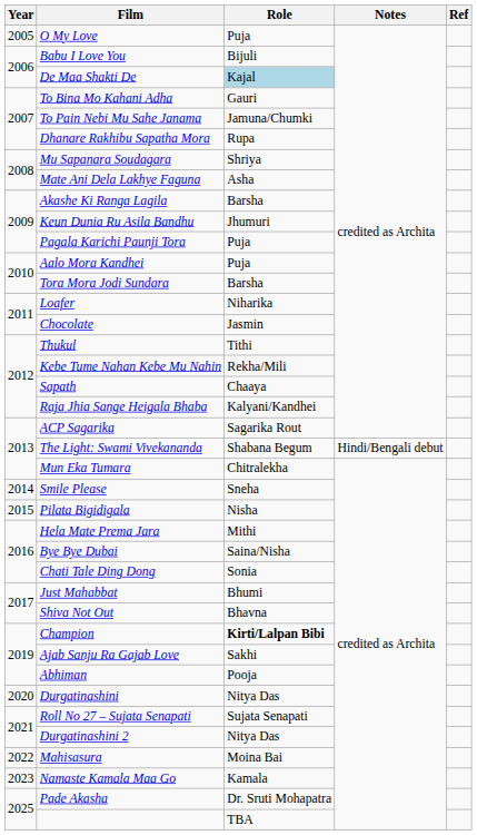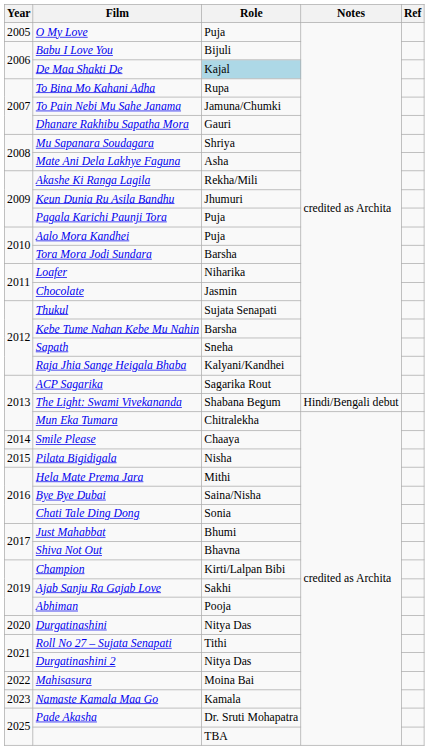 <table class="wikitable sortable">
 <tr>
 <th>Year</th>
 <th>Film</th>
 <th>Role</th>
 <th>Notes</th>
 <th>Ref</th>
 </tr>
 <tr>
 <td>2005</td>
 <td><em><a href='#'>O My Love</a></em></td>
 <td>Puja</td>
 <td rowspan=20>credited as Archita</td>
 <td></td>
 </tr>
 <tr>
 <td rowspan=2>2006</td>
 <td><em><a href='#'>Babu I Love You</a></em></td>
 <td>Bijuli</td>
 <td></td>
 </tr>
 <tr>
 <td><em><a href='#'>De Maa Shakti De</a></em></td>
 <td style="background: lightblue;">Kajal</td>
 <td></td>
 </tr>
 <tr>
 <td rowspan=3>2007</td>
 <td><em><a href='#'>To Bina Mo Kahani Adha</a></em></td>
-<td>Gauri</td>
+<td>Rupa</td>
 <td></td>
 </tr>
 <tr>
 <td><em><a href='#'>To Pain Nebi Mu Sahe Janama</a></em></td>
 <td>Jamuna/Chumki</td>
 <td></td>
 </tr>
 <tr>
 <td><em><a href='#'>Dhanare Rakhibu Sapatha Mora</a></em></td>
-<td>Rupa</td>
+<td>Gauri</td>
 <td></td>
 </tr>
 <tr>
 <td rowspan=2>2008</td>
 <td><em><a href='#'>Mu Sapanara Soudagara</a></em></td>
 <td>Shriya</td>
 <td></td>
 </tr>
 <tr>
 <td><em><a href='#'>Mate Ani Dela Lakhye Faguna</a></em></td>
 <td>Asha</td>
 <td></td>
 </tr>
 <tr>
 <td rowspan=3>2009</td>
 <td><em><a href='#'>Akashe Ki Ranga Lagila</a></em></td>
-<td>Barsha</td>
+<td>Rekha/Mili</td>
 <td></td>
 </tr>
 <tr>
 <td><em><a href='#'>Keun Dunia Ru Asila Bandhu</a></em></td>
 <td>Jhumuri</td>
 <td></td>
 </tr>
 <tr>
 <td><em><a href='#'>Pagala Karichi Paunji Tora</a></em></td>
 <td>Puja</td>
 <td></td>
 </tr>
 <tr>
 <td rowspan=2>2010</td>
 <td><em><a href='#'>Aalo Mora Kandhei</a></em></td>
 <td>Puja</td>
 <td></td>
 </tr>
 <tr>
 <td><em><a href='#'>Tora Mora Jodi Sundara</a></em></td>
 <td>Barsha</td>
 <td></td>
 </tr>
 <tr>
 <td rowspan=2>2011</td>
 <td><em><a href='#'>Loafer</a></em></td>
 <td>Niharika</td>
 <td></td>
 </tr>
 <tr>
 <td><em><a href='#'>Chocolate</a></em></td>
 <td>Jasmin</td>
 <td></td>
 </tr>
 <tr>
 <td rowspan=4>2012</td>
 <td><em><a href='#'>Thukul</a></em></td>
-<td>Tithi</td>
+<td>Sujata Senapati</td>
 <td></td>
 </tr>
 <tr>
 <td><em><a href='#'>Kebe Tume Nahan Kebe Mu Nahin</a></em></td>
-<td>Rekha/Mili</td>
+<td>Barsha</td>
 <td></td>
 </tr>
 <tr>
 <td><em><a href='#'>Sapath</a></em></td>
-<td>Chaaya</td>
+<td>Sneha</td>
 <td></td>
 </tr>
 <tr>
 <td><em><a href='#'>Raja Jhia Sange Heigala Bhaba</a></em></td>
 <td>Kalyani/Kandhei</td>
 <td></td>
 </tr>
 <tr>
 <td rowspan=3>2013</td>
 <td><em><a href='#'>ACP Sagarika</a></em></td>
 <td>Sagarika Rout</td>
 <td></td>
 </tr>
 <tr>
 <td><em><a href='#'>The Light: Swami Vivekananda</a></em></td>
 <td>Shabana Begum</td>
 <td>Hindi/Bengali debut</td>
 <td></td>
 </tr>
 <tr>
 <td><em><a href='#'>Mun Eka Tumara</a></em></td>
 <td>Chitralekha</td>
 <td rowspan=18>credited as Archita</td>
 <td></td>
 </tr>
 <tr>
 <td>2014</td>
 <td><em><a href='#'>Smile Please</a></em></td>
-<td>Sneha</td>
+<td>Chaaya</td>
 <td></td>
 </tr>
 <tr>
 <td>2015</td>
 <td><em><a href='#'>Pilata Bigidigala</a></em></td>
 <td>Nisha</td>
 <td></td>
 </tr>
 <tr>
 <td rowspan=3>2016</td>
 <td><em><a href='#'>Hela Mate Prema Jara</a></em></td>
 <td>Mithi</td>
 <td></td>
 </tr>
 <tr>
 <td><em><a href='#'>Bye Bye Dubai</a></em></td>
 <td>Saina/Nisha</td>
 <td></td>
 </tr>
 <tr>
 <td><em><a href='#'>Chati Tale Ding Dong</a></em></td>
 <td>Sonia</td>
 <td></td>
 </tr>
 <tr>
 <td rowspan=2>2017</td>
 <td><em><a href='#'>Just Mahabbat</a></em></td>
 <td>Bhumi</td>
 <td></td>
 </tr>
 <tr>
 <td><em><a href='#'>Shiva Not Out</a></em></td>
 <td>Bhavna</td>
 <td></td>
 </tr>
 <tr>
 <td rowspan=3>2019</td>
 <td><em><a href='#'>Champion</a></em></td>
-<td><strong>Kirti/Lalpan Bibi</strong></td>
+<td>Kirti/Lalpan Bibi</td>
 <td></td>
 </tr>
 <tr>
 <td><em><a href='#'>Ajab Sanju Ra Gajab Love</a></em></td>
 <td>Sakhi</td>
 <td></td>
 </tr>
 <tr>
 <td><em><a href='#'>Abhiman</a></em></td>
 <td>Pooja</td>
 <td></td>
 </tr>
 <tr>
 <td>2020</td>
 <td><em><a href='#'>Durgatinashini</a></em></td>
 <td>Nitya Das</td>
 <td></td>
 </tr>
 <tr>
 <td rowspan=2>2021</td>
 <td><em><a href='#'>Roll No 27 – Sujata Senapati</a></em></td>
-<td>Sujata Senapati</td>
+<td>Tithi</td>
 <td></td>
 </tr>
 <tr>
 <td><em><a href='#'>Durgatinashini 2</a></em></td>
 <td>Nitya Das</td>
 <td></td>
 </tr>
 <tr>
 <td>2022</td>
 <td><em><a href='#'>Mahisasura</a></em></td>
 <td>Moina Bai</td>
 <td></td>
 </tr>
 <tr>
 <td>2023</td>
 <td><em><a href='#'>Namaste Kamala Maa Go</a></em></td>
 <td>Kamala</td>
 <td></td>
 </tr>
 <tr>
 <td rowspan=2>2025</td>
 <td><em><a href='#'>Pade Akasha</a></em></td>
 <td>Dr. Sruti Mohapatra</td>
 <td></td>
 </tr>
 <tr>
 <td></td>
 <td>TBA</td>
 <td></td>
 </tr>
 </table>
